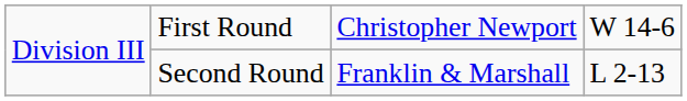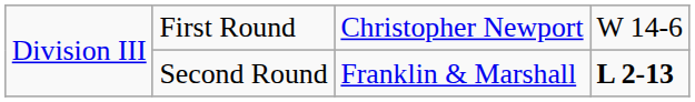 <table class="wikitable">
 <tr>
 <td rowspan="2"><a href='#'>Division III</a></td>
 <td>First Round</td>
 <td><a href='#'>Christopher Newport</a></td>
 <td>W 14-6</td>
 </tr>
 <tr>
 <td>Second Round</td>
 <td><a href='#'>Franklin & Marshall</a></td>
-<td>L 2-13</td>
+<td><strong>L 2-13</strong></td>
 </tr>
 </table>
